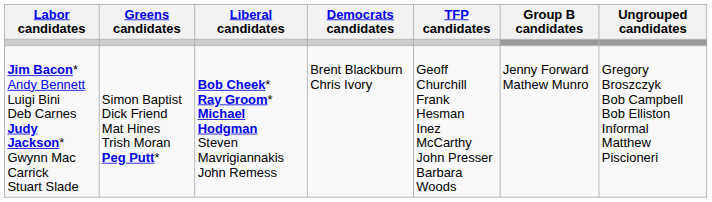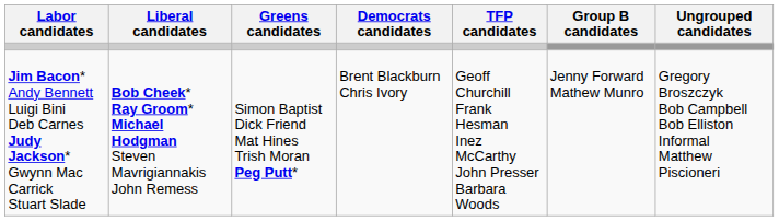 <table class="wikitable">
 <tr>
 <th><a href='#'>Labor</a> candidates</th>
+<th><a href='#'>Liberal</a> candidates</th>
 <th><a href='#'>Greens</a> candidates</th>
-<th><a href='#'>Liberal</a> candidates</th>
 <th><a href='#'>Democrats</a> candidates</th>
 <th><a href='#'>TFP</a> candidates</th>
 <th>Group B candidates</th>
 <th>Ungrouped candidates</th>
 </tr>
 <tr bgcolor="#cccccc">
 <td></td>
 <td></td>
 <td></td>
 <td></td>
 <td></td>
 <td bgcolor="#999999"></td>
 <td bgcolor="#999999"></td>
 </tr>
 <tr>
 <td><br><strong><a href='#'>Jim Bacon</a></strong>*<br> <a href='#'>Andy Bennett</a><br> Luigi Bini<br> Deb Carnes<br> <strong><a href='#'>Judy Jackson</a></strong>*<br> Gwynn Mac Carrick<br> Stuart Slade</td>
+<td><br><strong><a href='#'>Bob Cheek</a></strong>*<br> <strong><a href='#'>Ray Groom</a></strong>*<br> <strong><a href='#'>Michael Hodgman</a></strong><br> Steven Mavrigiannakis<br> John Remess</td>
 <td><br>Simon Baptist<br> Dick Friend<br> Mat Hines<br> Trish Moran<br> <strong><a href='#'>Peg Putt</a></strong>*</td>
-<td><br><strong><a href='#'>Bob Cheek</a></strong>*<br> <strong><a href='#'>Ray Groom</a></strong>*<br> <strong><a href='#'>Michael Hodgman</a></strong><br> Steven Mavrigiannakis<br> John Remess</td>
 <td valign=top><br>Brent Blackburn<br> Chris Ivory</td>
 <td valign=top><br>Geoff Churchill<br> Frank Hesman<br> Inez McCarthy<br> John Presser<br> Barbara Woods</td>
 <td valign=top><br>Jenny Forward<br> Mathew Munro</td>
 <td valign=top><br>Gregory Broszczyk<br> Bob Campbell<br> Bob Elliston<br> Informal<br> Matthew Piscioneri</td>
 </tr>
 </table>
